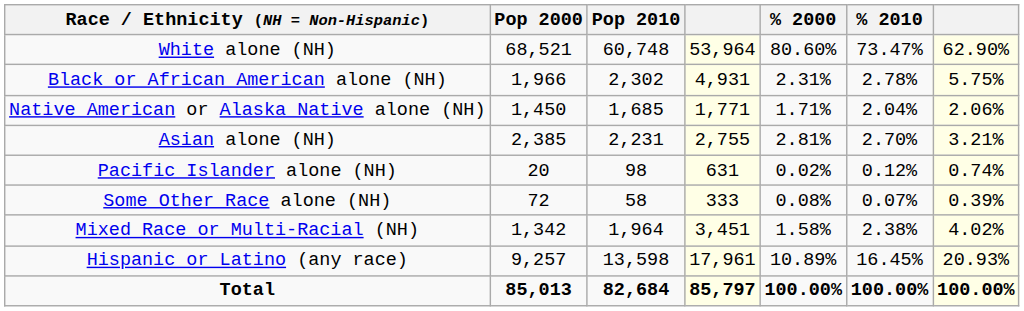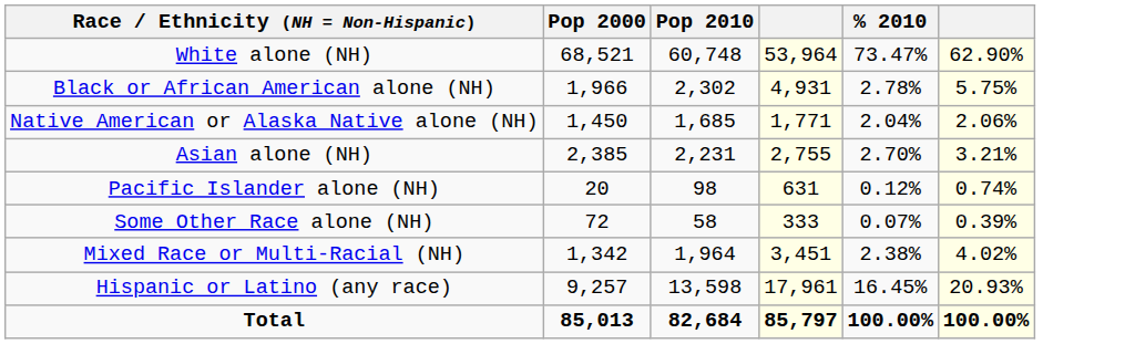 <table class="wikitable" style="text-align:center;">
 <tr>
 <th>Race / Ethnicity <small>(<em>NH = Non-Hispanic</em>)</small></th>
 <th>Pop 2000</th>
 <th>Pop 2010</th>
 <th></th>
-<th>% 2000</th>
 <th>% 2010</th>
 <th></th>
 </tr>
 <tr>
 <td><a href='#'>White</a> alone (NH)</td>
 <td>68,521</td>
 <td>60,748</td>
 <td style='background: #ffffe6;'>53,964</td>
-<td>80.60%</td>
 <td>73.47%</td>
 <td style='background: #ffffe6;'>62.90%</td>
 </tr>
 <tr>
 <td><a href='#'>Black or African American</a> alone (NH)</td>
 <td>1,966</td>
 <td>2,302</td>
 <td style='background: #ffffe6;'>4,931</td>
-<td>2.31%</td>
 <td>2.78%</td>
 <td style='background: #ffffe6;'>5.75%</td>
 </tr>
 <tr>
 <td><a href='#'>Native American</a> or <a href='#'>Alaska Native</a> alone (NH)</td>
 <td>1,450</td>
 <td>1,685</td>
 <td style='background: #ffffe6;'>1,771</td>
-<td>1.71%</td>
 <td>2.04%</td>
 <td style='background: #ffffe6;'>2.06%</td>
 </tr>
 <tr>
 <td><a href='#'>Asian</a> alone (NH)</td>
 <td>2,385</td>
 <td>2,231</td>
 <td style='background: #ffffe6;'>2,755</td>
-<td>2.81%</td>
 <td>2.70%</td>
 <td style='background: #ffffe6;'>3.21%</td>
 </tr>
 <tr>
 <td><a href='#'>Pacific Islander</a> alone (NH)</td>
 <td>20</td>
 <td>98</td>
 <td style='background: #ffffe6;'>631</td>
-<td>0.02%</td>
 <td>0.12%</td>
 <td style='background: #ffffe6;'>0.74%</td>
 </tr>
 <tr>
 <td><a href='#'>Some Other Race</a> alone (NH)</td>
 <td>72</td>
 <td>58</td>
 <td style='background: #ffffe6;'>333</td>
-<td>0.08%</td>
 <td>0.07%</td>
 <td style='background: #ffffe6;'>0.39%</td>
 </tr>
 <tr>
 <td><a href='#'>Mixed Race or Multi-Racial</a> (NH)</td>
 <td>1,342</td>
 <td>1,964</td>
 <td style='background: #ffffe6;'>3,451</td>
-<td>1.58%</td>
 <td>2.38%</td>
 <td style='background: #ffffe6;'>4.02%</td>
 </tr>
 <tr>
 <td><a href='#'>Hispanic or Latino</a> (any race)</td>
 <td>9,257</td>
 <td>13,598</td>
 <td style='background: #ffffe6;'>17,961</td>
-<td>10.89%</td>
 <td>16.45%</td>
 <td style='background: #ffffe6;'>20.93%</td>
 </tr>
 <tr>
 <td><strong>Total</strong></td>
 <td><strong>85,013</strong></td>
 <td><strong>82,684</strong></td>
 <td style='background: #ffffe6;'><strong>85,797</strong></td>
 <td><strong>100.00%</strong></td>
-<td><strong>100.00%</strong></td>
 <td style='background: #ffffe6;'><strong>100.00%</strong></td>
 </tr>
 </table>
